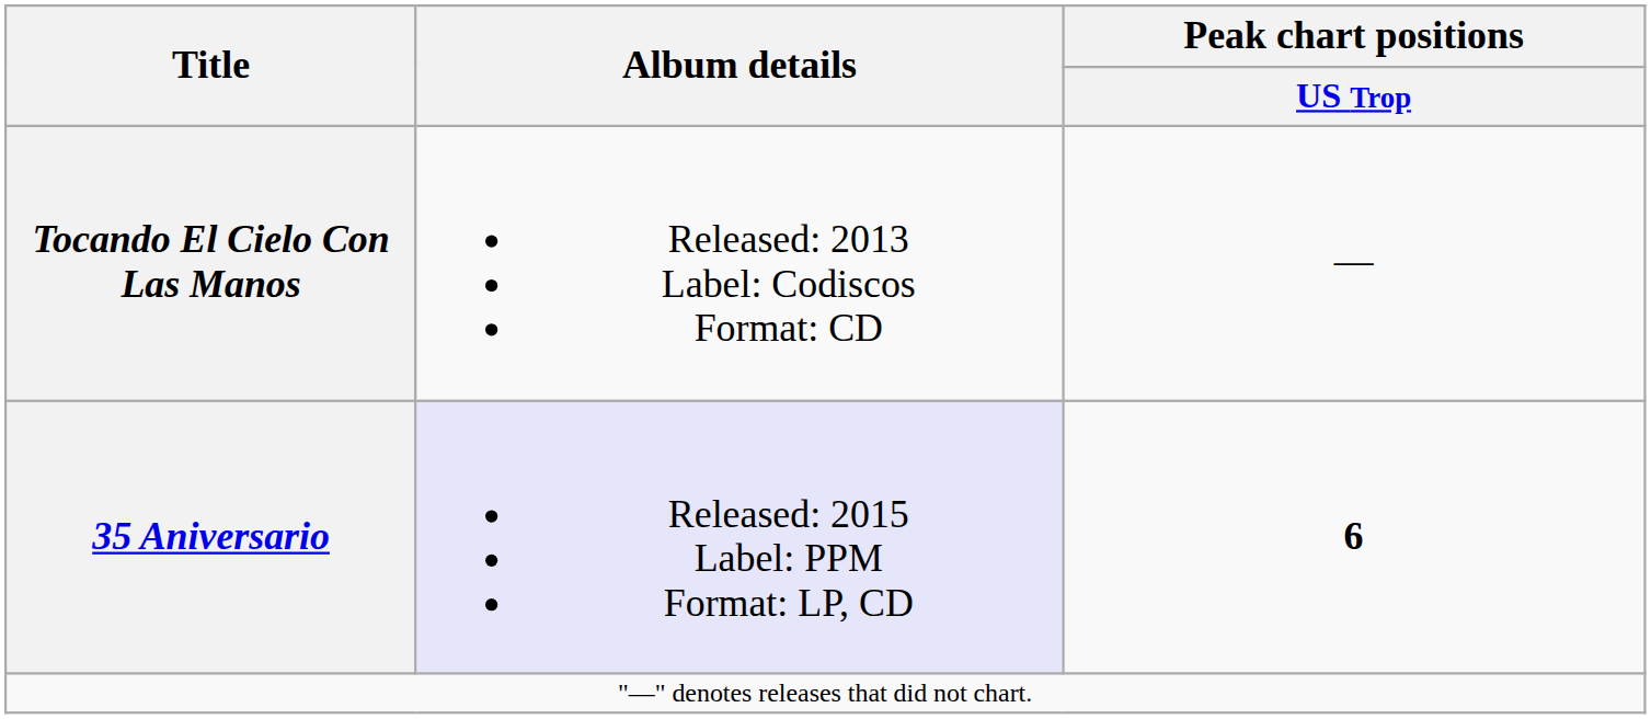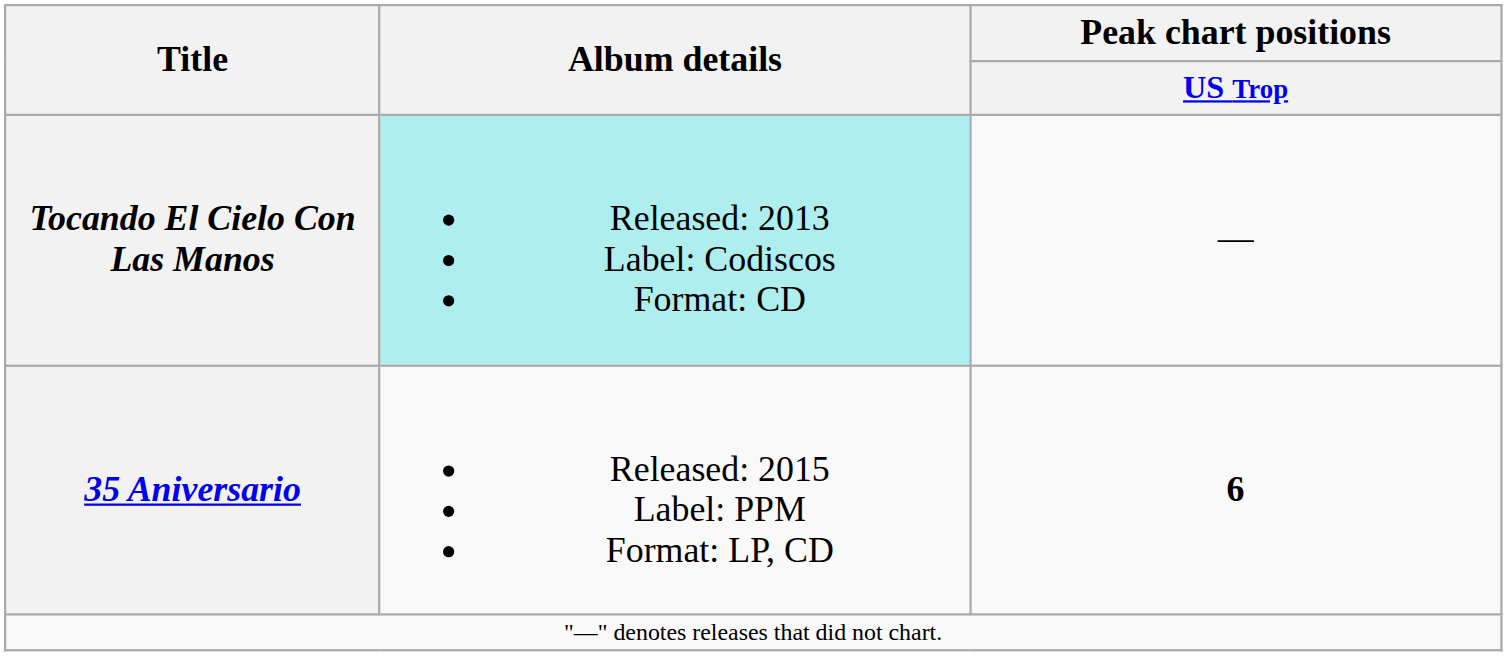 <table class="wikitable plainrowheaders" style="text-align:center;" border="1">
 <tr>
 <th scope="col" rowspan="2" style="width:10em;">Title</th>
 <th scope="col" rowspan="2" style="width:16em;">Album details</th>
 <th scope="col" colspan="1">Peak chart positions</th>
 </tr>
 <tr>
 <th scope="col" style="width:16em;font-size:90%;"><a href='#'>US <small>Trop</small></a></th>
 </tr>
 <tr>
 <th scope="row"><em>Tocando El Cielo Con Las Manos</em></th>
-<td><br><ul><li>Released: 2013</li><li>Label: Codiscos</li><li>Format: CD</li></ul></td>
+<td style="background: paleturquoise;"><br><ul><li>Released: 2013</li><li>Label: Codiscos</li><li>Format: CD</li></ul></td>
 <td>—</td>
 </tr>
 <tr>
 <th scope="row"><em><a href='#'>35 Aniversario</a></em></th>
-<td style="background: lavender;"><br><ul><li>Released: 2015</li><li>Label: PPM</li><li>Format: LP, CD</li></ul></td>
+<td><br><ul><li>Released: 2015</li><li>Label: PPM</li><li>Format: LP, CD</li></ul></td>
 <td><strong>6</strong></td>
 </tr>
 <tr>
 <td colspan="21" style="text-align:center; font-size:8pt;">"—" denotes releases that did not chart.</td>
 </tr>
 </table>
